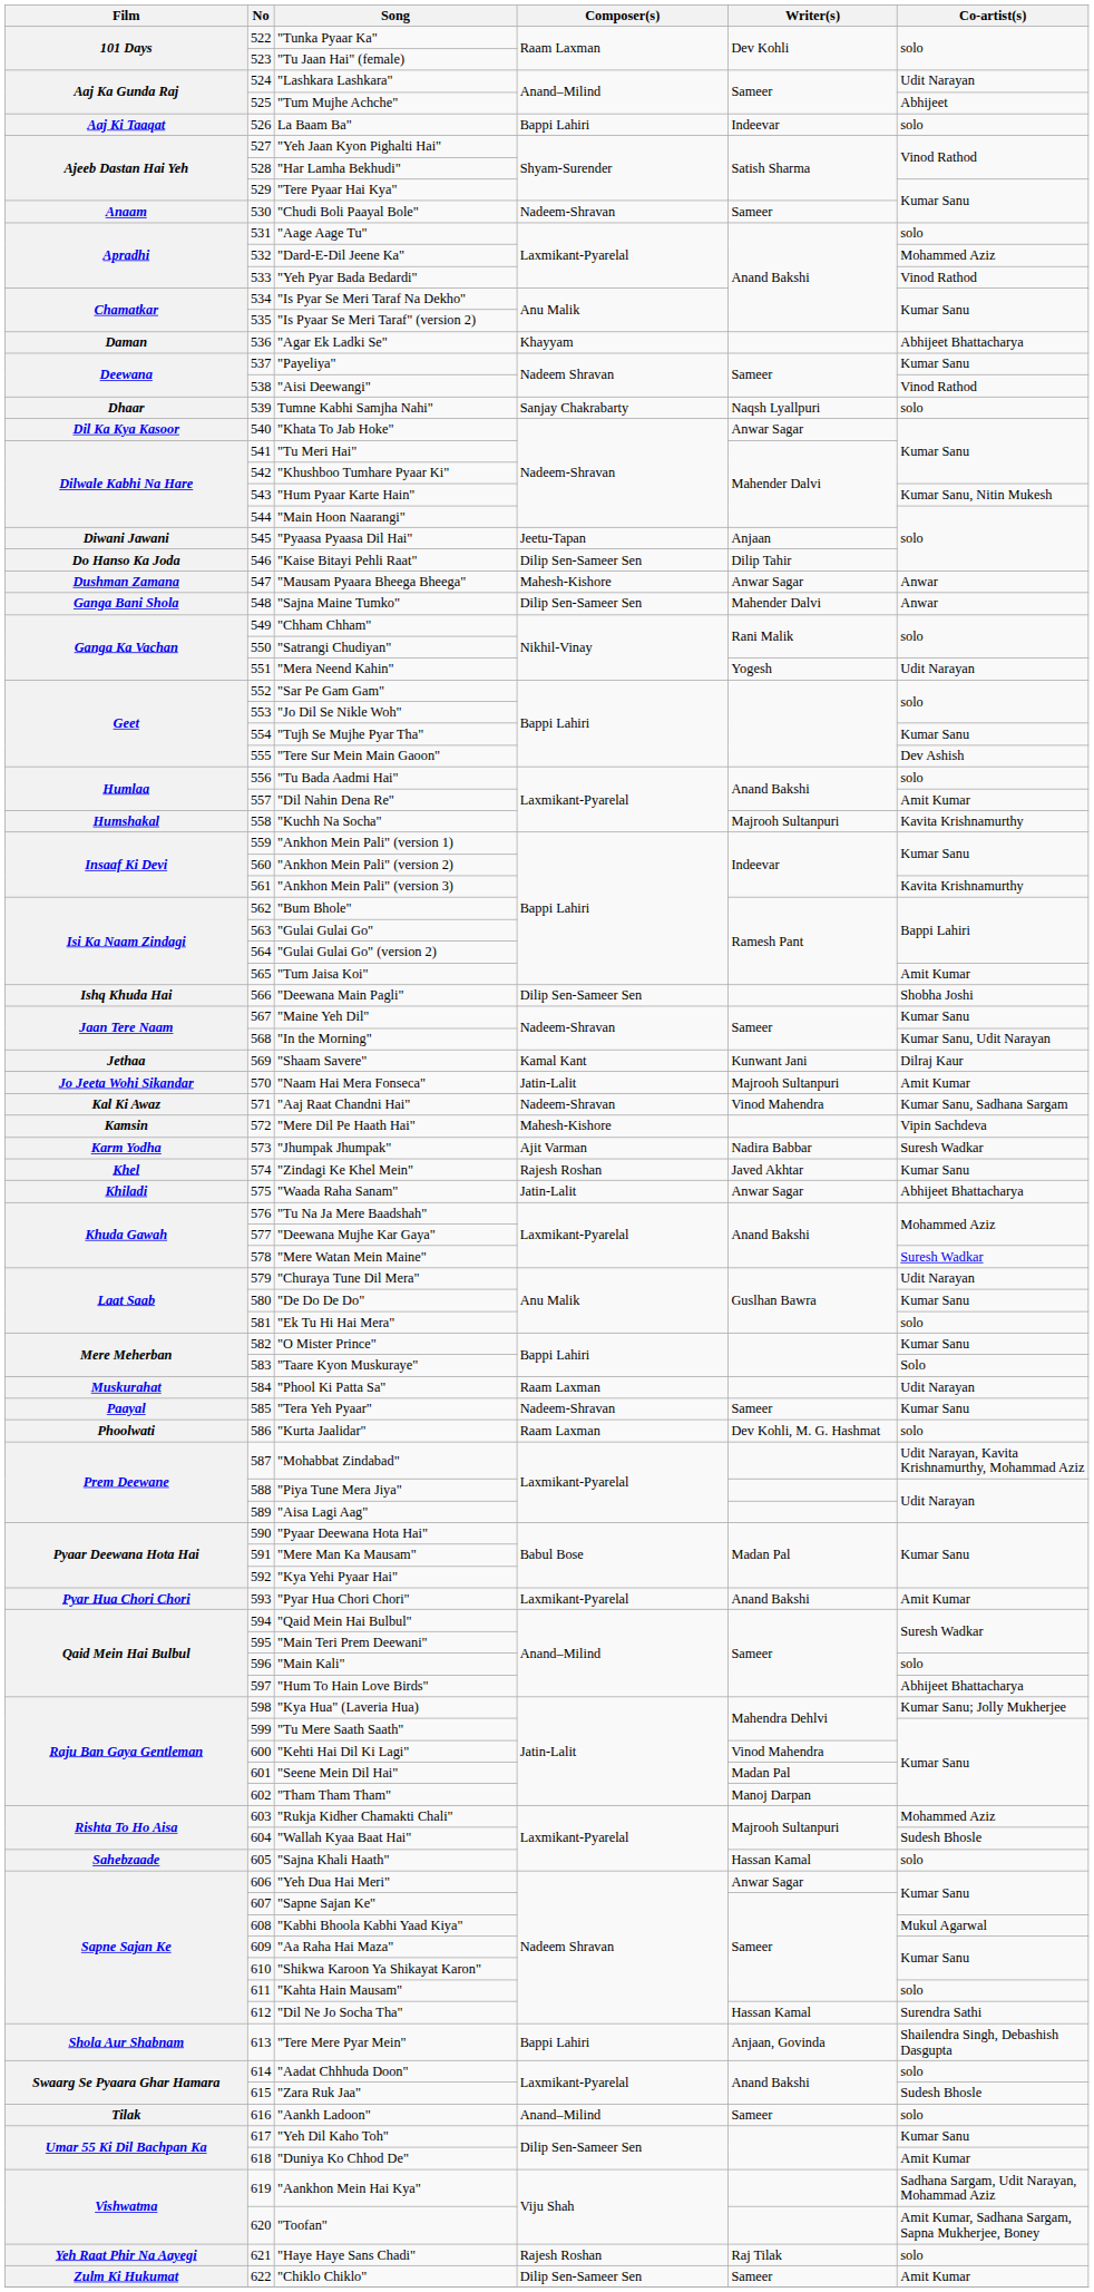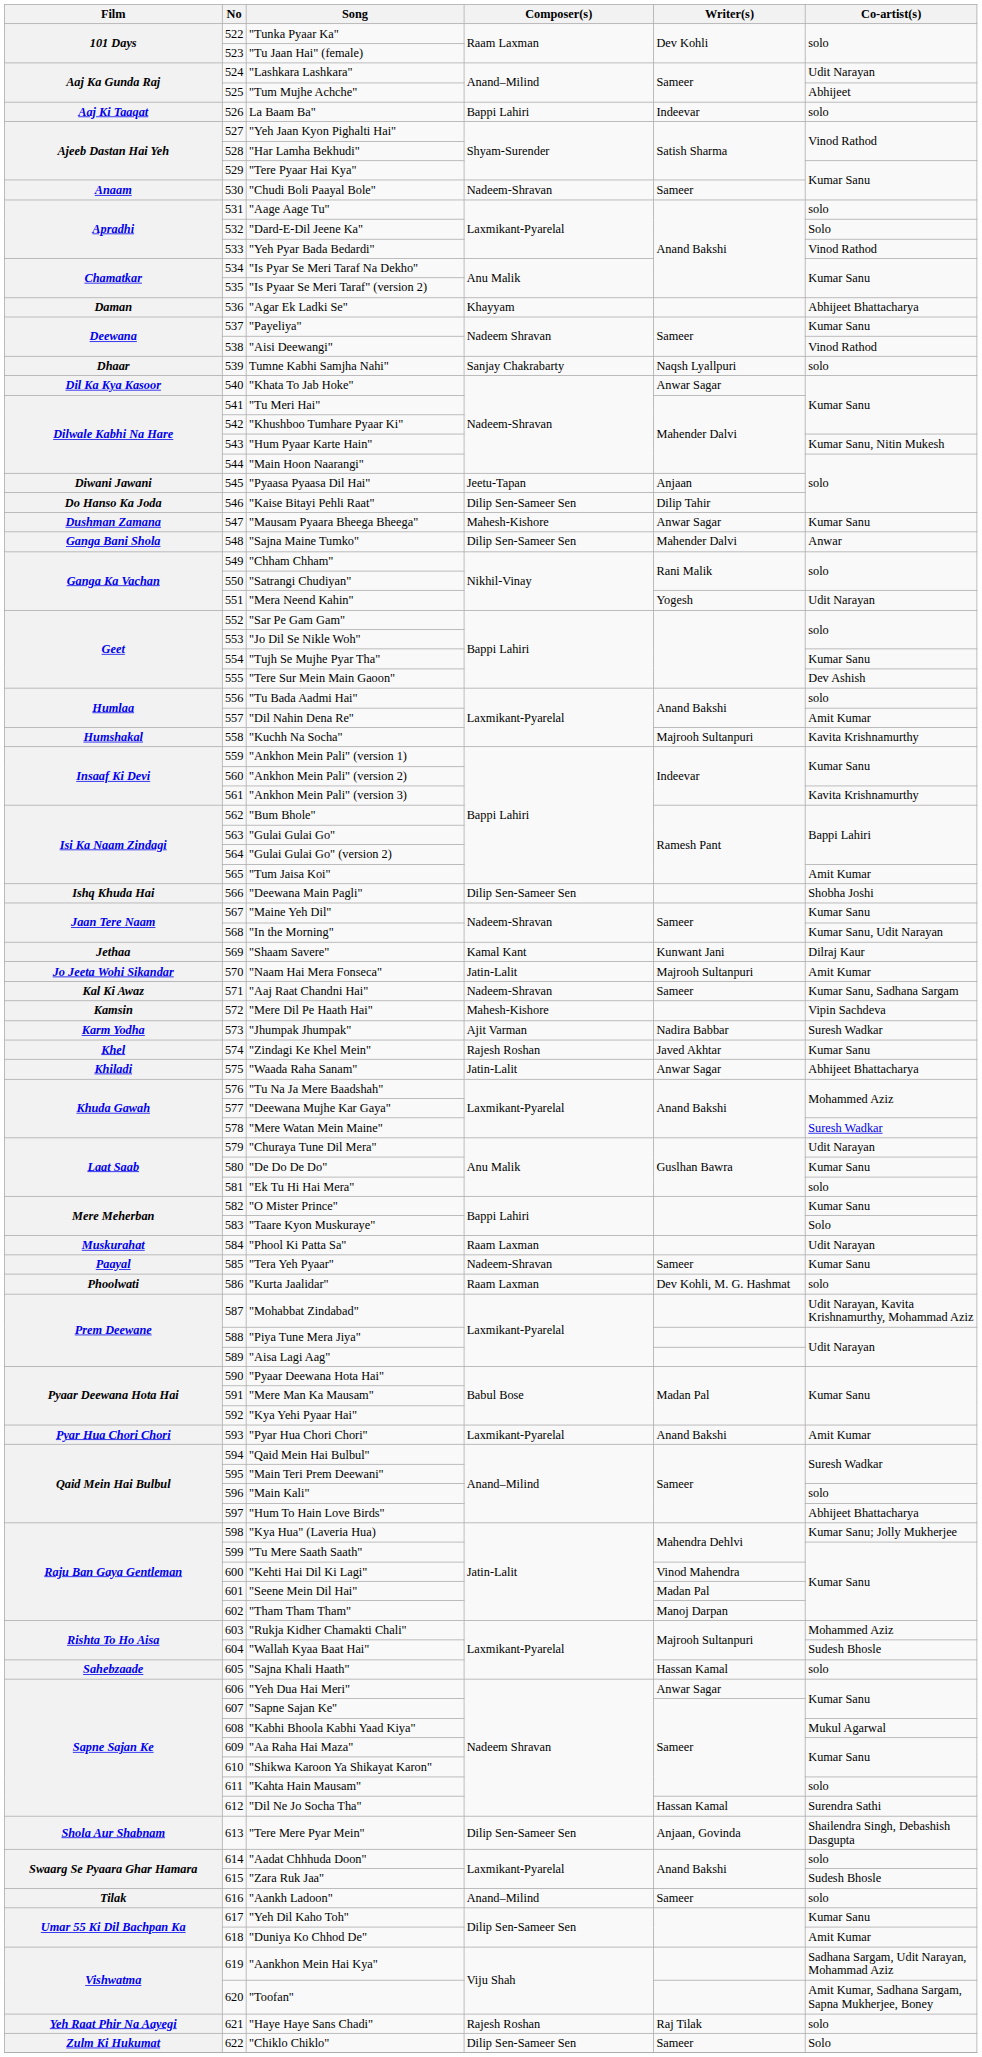 <table class="wikitable plainrowheaders" width="100%" textcolor:#000;">
 <tr style="background:#b0e0e66;">
 <th scope="col" width=23%><strong>Film</strong></th>
 <th><strong>No</strong></th>
 <th scope="col" width=23%><strong>Song</strong></th>
 <th scope="col" width=20%><strong>Composer(s)</strong></th>
 <th scope="col" width=16%><strong>Writer(s)</strong></th>
 <th scope="col" width=18%><strong>Co-artist(s)</strong></th>
 </tr>
 <tr>
 <th rowspan=2><em>101 Days</em></th>
 <td>522</td>
 <td>"Tunka Pyaar Ka"</td>
 <td rowspan=2>Raam Laxman</td>
 <td rowspan=2>Dev Kohli</td>
 <td rowspan=2>solo</td>
 </tr>
 <tr>
 <td>523</td>
 <td>"Tu Jaan Hai" (female)</td>
 </tr>
 <tr>
 <th rowspan="2"><em>Aaj Ka Gunda Raj</em></th>
 <td>524</td>
 <td>"Lashkara Lashkara"</td>
 <td rowspan="2">Anand–Milind</td>
 <td rowspan="2">Sameer</td>
 <td>Udit Narayan</td>
 </tr>
 <tr>
 <td>525</td>
 <td>"Tum Mujhe Achche"</td>
 <td>Abhijeet</td>
 </tr>
 <tr>
 <th><em><a href='#'>Aaj Ki Taaqat</a></em></th>
 <td>526</td>
 <td>La Baam Ba"</td>
 <td>Bappi Lahiri</td>
 <td>Indeevar</td>
 <td>solo</td>
 </tr>
 <tr>
 <th rowspan=3><em>Ajeeb Dastan Hai Yeh</em></th>
 <td>527</td>
 <td>"Yeh Jaan Kyon Pighalti Hai"</td>
 <td rowspan=3>Shyam-Surender</td>
 <td rowspan=3>Satish Sharma</td>
 <td rowspan=2>Vinod Rathod</td>
 </tr>
 <tr>
 <td>528</td>
 <td>"Har Lamha Bekhudi"</td>
 </tr>
 <tr>
 <td>529</td>
 <td>"Tere Pyaar Hai Kya"</td>
 <td rowspan=2>Kumar Sanu</td>
 </tr>
 <tr>
 <th><em><a href='#'>Anaam</a></em></th>
 <td>530</td>
 <td>"Chudi Boli Paayal Bole"</td>
 <td>Nadeem-Shravan</td>
 <td>Sameer</td>
 </tr>
 <tr>
 <th rowspan="3"><em><a href='#'>Apradhi</a></em></th>
 <td>531</td>
 <td>"Aage Aage Tu"</td>
 <td rowspan=3>Laxmikant-Pyarelal</td>
 <td rowspan=5>Anand Bakshi</td>
 <td>solo</td>
 </tr>
 <tr>
 <td>532</td>
 <td>"Dard-E-Dil Jeene Ka"</td>
-<td>Mohammed Aziz</td>
+<td>Solo</td>
 </tr>
 <tr>
 <td>533</td>
 <td>"Yeh Pyar Bada Bedardi"</td>
 <td>Vinod Rathod</td>
 </tr>
 <tr>
 <th rowspan=2><em><a href='#'>Chamatkar</a></em></th>
 <td>534</td>
 <td>"Is Pyar Se Meri Taraf Na Dekho"</td>
 <td rowspan=2>Anu Malik</td>
 <td rowspan=2>Kumar Sanu</td>
 </tr>
 <tr>
 <td>535</td>
 <td>"Is Pyaar Se Meri Taraf" (version 2)</td>
 </tr>
 <tr>
 <th><em>Daman</em></th>
 <td>536</td>
 <td>"Agar Ek Ladki Se"</td>
 <td>Khayyam</td>
 <td></td>
 <td>Abhijeet Bhattacharya</td>
 </tr>
 <tr>
 <th rowspan="2"><em><a href='#'>Deewana</a></em></th>
 <td>537</td>
 <td>"Payeliya"</td>
 <td rowspan=2>Nadeem Shravan</td>
 <td rowspan=2>Sameer</td>
 <td>Kumar Sanu</td>
 </tr>
 <tr>
 <td>538</td>
 <td>"Aisi Deewangi"</td>
 <td>Vinod Rathod</td>
 </tr>
 <tr>
 <th><em>Dhaar</em></th>
 <td>539</td>
 <td>Tumne Kabhi Samjha Nahi"</td>
 <td>Sanjay Chakrabarty</td>
 <td>Naqsh Lyallpuri</td>
 <td>solo</td>
 </tr>
 <tr>
 <th><em><a href='#'>Dil Ka Kya Kasoor</a></em></th>
 <td>540</td>
 <td>"Khata To Jab Hoke"</td>
 <td rowspan=5>Nadeem-Shravan</td>
 <td>Anwar Sagar</td>
 <td rowspan=3>Kumar Sanu</td>
 </tr>
 <tr>
 <th rowspan=4><em><a href='#'>Dilwale Kabhi Na Hare</a></em></th>
 <td>541</td>
 <td>"Tu Meri Hai"</td>
 <td rowspan=4>Mahender Dalvi</td>
 </tr>
 <tr>
 <td>542</td>
 <td>"Khushboo Tumhare Pyaar Ki"</td>
 </tr>
 <tr>
 <td>543</td>
 <td>"Hum Pyaar Karte Hain"</td>
 <td>Kumar Sanu, Nitin Mukesh</td>
 </tr>
 <tr>
 <td>544</td>
 <td>"Main Hoon Naarangi"</td>
 <td rowspan=3>solo</td>
 </tr>
 <tr>
 <th><em>Diwani Jawani</em></th>
 <td>545</td>
 <td>"Pyaasa Pyaasa Dil Hai"</td>
 <td>Jeetu-Tapan</td>
 <td>Anjaan</td>
 </tr>
 <tr>
 <th><em>Do Hanso Ka Joda</em></th>
 <td>546</td>
 <td>"Kaise Bitayi Pehli Raat"</td>
 <td>Dilip Sen-Sameer Sen</td>
 <td>Dilip Tahir</td>
 </tr>
 <tr>
 <th><em><a href='#'>Dushman Zamana</a></em></th>
 <td>547</td>
 <td>"Mausam Pyaara Bheega Bheega"</td>
 <td>Mahesh-Kishore</td>
 <td>Anwar Sagar</td>
-<td>Anwar</td>
+<td>Kumar Sanu</td>
 </tr>
 <tr>
 <th><em><a href='#'>Ganga Bani Shola</a></em></th>
 <td>548</td>
 <td>"Sajna Maine Tumko"</td>
 <td>Dilip Sen-Sameer Sen</td>
 <td>Mahender Dalvi</td>
 <td>Anwar</td>
 </tr>
 <tr>
 <th rowspan="3"><em><a href='#'>Ganga Ka Vachan</a></em></th>
 <td>549</td>
 <td>"Chham Chham"</td>
 <td rowspan=3>Nikhil-Vinay</td>
 <td rowspan=2>Rani Malik</td>
 <td rowspan=2>solo</td>
 </tr>
 <tr>
 <td>550</td>
 <td>"Satrangi Chudiyan"</td>
 </tr>
 <tr>
 <td>551</td>
 <td>"Mera Neend Kahin"</td>
 <td>Yogesh</td>
 <td>Udit Narayan</td>
 </tr>
 <tr>
 <th rowspan="4"><em><a href='#'>Geet</a></em></th>
 <td>552</td>
 <td>"Sar Pe Gam Gam"</td>
 <td rowspan="4">Bappi Lahiri</td>
 <td rowspan="4"></td>
 <td rowspan="2">solo</td>
 </tr>
 <tr>
 <td>553</td>
 <td>"Jo Dil Se Nikle Woh"</td>
 </tr>
 <tr>
 <td>554</td>
 <td>"Tujh Se Mujhe Pyar Tha"</td>
 <td>Kumar Sanu</td>
 </tr>
 <tr>
 <td>555</td>
 <td>"Tere Sur Mein Main Gaoon"</td>
 <td>Dev Ashish</td>
 </tr>
 <tr>
 <th rowspan="2"><em><a href='#'>Humlaa</a></em></th>
 <td>556</td>
 <td>"Tu Bada Aadmi Hai"</td>
 <td rowspan="3">Laxmikant-Pyarelal</td>
 <td rowspan="2">Anand Bakshi</td>
 <td>solo</td>
 </tr>
 <tr>
 <td>557</td>
 <td>"Dil Nahin Dena Re"</td>
 <td>Amit Kumar</td>
 </tr>
 <tr>
 <th><em><a href='#'>Humshakal</a></em></th>
 <td>558</td>
 <td>"Kuchh Na Socha"</td>
 <td>Majrooh Sultanpuri</td>
 <td>Kavita Krishnamurthy</td>
 </tr>
 <tr>
 <th rowspan="3"><em><a href='#'>Insaaf Ki Devi</a></em></th>
 <td>559</td>
 <td>"Ankhon Mein Pali" (version 1)</td>
 <td rowspan=7>Bappi Lahiri</td>
 <td rowspan=3>Indeevar</td>
 <td rowspan=2>Kumar Sanu</td>
 </tr>
 <tr>
 <td>560</td>
 <td>"Ankhon Mein Pali" (version 2)</td>
 </tr>
 <tr>
 <td>561</td>
 <td>"Ankhon Mein Pali" (version 3)</td>
 <td>Kavita Krishnamurthy</td>
 </tr>
 <tr>
 <th rowspan=4><em><a href='#'>Isi Ka Naam Zindagi</a></em></th>
 <td>562</td>
 <td>"Bum Bhole"</td>
 <td rowspan=4>Ramesh Pant</td>
 <td rowspan=3>Bappi Lahiri</td>
 </tr>
 <tr>
 <td>563</td>
 <td>"Gulai Gulai Go"</td>
 </tr>
 <tr>
 <td>564</td>
 <td>"Gulai Gulai Go" (version 2)</td>
 </tr>
 <tr>
 <td>565</td>
 <td>"Tum Jaisa Koi"</td>
 <td>Amit Kumar</td>
 </tr>
 <tr>
 <th><em>Ishq Khuda Hai</em></th>
 <td>566</td>
 <td>"Deewana Main Pagli"</td>
 <td>Dilip Sen-Sameer Sen</td>
 <td></td>
 <td>Shobha Joshi</td>
 </tr>
 <tr>
 <th rowspan="2"><em><a href='#'>Jaan Tere Naam</a></em></th>
 <td>567</td>
 <td>"Maine Yeh Dil"</td>
 <td rowspan=2>Nadeem-Shravan</td>
 <td rowspan=2>Sameer</td>
 <td>Kumar Sanu</td>
 </tr>
 <tr>
 <td>568</td>
 <td>"In the Morning"</td>
 <td>Kumar Sanu, Udit Narayan</td>
 </tr>
 <tr>
 <th><em>Jethaa</em></th>
 <td>569</td>
 <td>"Shaam Savere"</td>
 <td>Kamal Kant</td>
 <td>Kunwant Jani</td>
 <td>Dilraj Kaur</td>
 </tr>
 <tr>
 <th><em><a href='#'>Jo Jeeta Wohi Sikandar</a></em></th>
 <td>570</td>
 <td>"Naam Hai Mera Fonseca"</td>
 <td>Jatin-Lalit</td>
 <td>Majrooh Sultanpuri</td>
 <td>Amit Kumar</td>
 </tr>
 <tr>
 <th><em>Kal Ki Awaz</em></th>
 <td>571</td>
 <td>"Aaj Raat Chandni Hai"</td>
 <td>Nadeem-Shravan</td>
-<td>Vinod Mahendra</td>
+<td>Sameer</td>
 <td>Kumar Sanu, Sadhana Sargam</td>
 </tr>
 <tr>
 <th><em>Kamsin</em></th>
 <td>572</td>
 <td>"Mere Dil Pe Haath Hai"</td>
 <td>Mahesh-Kishore</td>
 <td></td>
 <td>Vipin Sachdeva</td>
 </tr>
 <tr>
 <th><em><a href='#'>Karm Yodha</a></em></th>
 <td>573</td>
 <td>"Jhumpak Jhumpak"</td>
 <td>Ajit Varman</td>
 <td>Nadira Babbar</td>
 <td>Suresh Wadkar</td>
 </tr>
 <tr>
 <th><em><a href='#'>Khel</a></em></th>
 <td>574</td>
 <td>"Zindagi Ke Khel Mein"</td>
 <td>Rajesh Roshan</td>
 <td>Javed Akhtar</td>
 <td>Kumar Sanu</td>
 </tr>
 <tr>
 <th><em><a href='#'>Khiladi</a></em></th>
 <td>575</td>
 <td>"Waada Raha Sanam"</td>
 <td>Jatin-Lalit</td>
 <td>Anwar Sagar</td>
 <td>Abhijeet Bhattacharya</td>
 </tr>
 <tr>
 <th rowspan="3"><em><a href='#'>Khuda Gawah</a></em></th>
 <td>576</td>
 <td>"Tu Na Ja Mere Baadshah"</td>
 <td rowspan="3">Laxmikant-Pyarelal</td>
 <td rowspan="3">Anand Bakshi</td>
 <td rowspan="2">Mohammed Aziz</td>
 </tr>
 <tr>
 <td>577</td>
 <td>"Deewana Mujhe Kar Gaya"</td>
 </tr>
 <tr>
 <td>578</td>
 <td>"Mere Watan Mein Maine"</td>
 <td><a href='#'>Suresh Wadkar</a></td>
 </tr>
 <tr>
 <th rowspan="3"><em><a href='#'>Laat Saab</a></em></th>
 <td>579</td>
 <td>"Churaya Tune Dil Mera"</td>
 <td rowspan="3">Anu Malik</td>
 <td rowspan="3">Guslhan Bawra</td>
 <td>Udit Narayan</td>
 </tr>
 <tr>
 <td>580</td>
 <td>"De Do De Do"</td>
 <td>Kumar Sanu</td>
 </tr>
 <tr>
 <td>581</td>
 <td>"Ek Tu Hi Hai Mera"</td>
 <td>solo</td>
 </tr>
 <tr>
 <th rowspan="2"><em>Mere Meherban</em></th>
 <td>582</td>
 <td>"O Mister Prince"</td>
 <td rowspan="2">Bappi Lahiri</td>
 <td rowspan="2"></td>
 <td>Kumar Sanu</td>
 </tr>
 <tr>
 <td>583</td>
 <td>"Taare Kyon Muskuraye"</td>
 <td>Solo</td>
 </tr>
 <tr>
 <th><em><a href='#'>Muskurahat</a></em></th>
 <td>584</td>
 <td>"Phool Ki Patta Sa"</td>
 <td>Raam Laxman</td>
 <td></td>
 <td>Udit Narayan</td>
 </tr>
 <tr>
 <th><em><a href='#'>Paayal</a></em></th>
 <td>585</td>
 <td>"Tera Yeh Pyaar"</td>
 <td>Nadeem-Shravan</td>
 <td>Sameer</td>
 <td>Kumar Sanu</td>
 </tr>
 <tr>
 <th><em>Phoolwati</em></th>
 <td>586</td>
 <td>"Kurta Jaalidar"</td>
 <td>Raam Laxman</td>
 <td>Dev Kohli, M. G. Hashmat</td>
 <td>solo</td>
 </tr>
 <tr>
 <th rowspan="3"><em><a href='#'>Prem Deewane</a></em></th>
 <td>587</td>
 <td>"Mohabbat Zindabad"</td>
 <td rowspan="3">Laxmikant-Pyarelal</td>
 <td></td>
 <td>Udit Narayan, Kavita Krishnamurthy, Mohammad Aziz</td>
 </tr>
 <tr>
 <td>588</td>
 <td>"Piya Tune Mera Jiya"</td>
 <td></td>
 <td rowspan="2">Udit Narayan</td>
 </tr>
 <tr>
 <td>589</td>
 <td>"Aisa Lagi Aag"</td>
 </tr>
 <tr>
 <th rowspan="3"><em>Pyaar Deewana Hota Hai</em></th>
 <td>590</td>
 <td>"Pyaar Deewana Hota Hai"</td>
 <td rowspan=3>Babul Bose</td>
 <td rowspan=3>Madan Pal</td>
 <td rowspan=3>Kumar Sanu</td>
 </tr>
 <tr>
 <td>591</td>
 <td>"Mere Man Ka Mausam"</td>
 </tr>
 <tr>
 <td>592</td>
 <td>"Kya Yehi Pyaar Hai"</td>
 </tr>
 <tr>
 <th><em><a href='#'>Pyar Hua Chori Chori</a></em></th>
 <td>593</td>
 <td>"Pyar Hua Chori Chori"</td>
 <td>Laxmikant-Pyarelal</td>
 <td>Anand Bakshi</td>
 <td>Amit Kumar</td>
 </tr>
 <tr>
 <th rowspan="4"><em>Qaid Mein Hai Bulbul</em></th>
 <td>594</td>
 <td>"Qaid Mein Hai Bulbul"</td>
 <td rowspan=4>Anand–Milind</td>
 <td rowspan=4>Sameer</td>
 <td rowspan=2>Suresh Wadkar</td>
 </tr>
 <tr>
 <td>595</td>
 <td>"Main Teri Prem Deewani"</td>
 </tr>
 <tr>
 <td>596</td>
 <td>"Main Kali"</td>
 <td>solo</td>
 </tr>
 <tr>
 <td>597</td>
 <td>"Hum To Hain Love Birds"</td>
 <td>Abhijeet Bhattacharya</td>
 </tr>
 <tr>
 <th rowspan=5><em><a href='#'>Raju Ban Gaya Gentleman</a></em></th>
 <td>598</td>
 <td>"Kya Hua" (Laveria Hua)</td>
 <td rowspan=5>Jatin-Lalit</td>
 <td rowspan=2>Mahendra Dehlvi</td>
 <td>Kumar Sanu; Jolly Mukherjee</td>
 </tr>
 <tr>
 <td>599</td>
 <td>"Tu Mere Saath Saath"</td>
 <td rowspan=4>Kumar Sanu</td>
 </tr>
 <tr>
 <td>600</td>
 <td>"Kehti Hai Dil Ki Lagi"</td>
 <td>Vinod Mahendra</td>
 </tr>
 <tr>
 <td>601</td>
 <td>"Seene Mein Dil Hai"</td>
 <td>Madan Pal</td>
 </tr>
 <tr>
 <td>602</td>
 <td>"Tham Tham Tham"</td>
 <td>Manoj Darpan</td>
 </tr>
 <tr>
 <th rowspan=2><em><a href='#'>Rishta To Ho Aisa</a></em></th>
 <td>603</td>
 <td>"Rukja Kidher Chamakti Chali"</td>
 <td rowspan=3>Laxmikant-Pyarelal</td>
 <td rowspan=2>Majrooh Sultanpuri</td>
 <td>Mohammed Aziz</td>
 </tr>
 <tr>
 <td>604</td>
 <td>"Wallah Kyaa Baat Hai"</td>
 <td>Sudesh Bhosle</td>
 </tr>
 <tr>
 <th><em><a href='#'>Sahebzaade</a></em></th>
 <td>605</td>
 <td>"Sajna Khali Haath"</td>
 <td>Hassan Kamal</td>
 <td>solo</td>
 </tr>
 <tr>
 <th rowspan="7"><em><a href='#'>Sapne Sajan Ke</a></em></th>
 <td>606</td>
 <td>"Yeh Dua Hai Meri"</td>
 <td rowspan="7">Nadeem Shravan</td>
 <td>Anwar Sagar</td>
 <td rowspan="2">Kumar Sanu</td>
 </tr>
 <tr>
 <td>607</td>
 <td>"Sapne Sajan Ke"</td>
 <td rowspan="5">Sameer</td>
 </tr>
 <tr>
 <td>608</td>
 <td>"Kabhi Bhoola Kabhi Yaad Kiya"</td>
 <td>Mukul Agarwal</td>
 </tr>
 <tr>
 <td>609</td>
 <td>"Aa Raha Hai Maza"</td>
 <td rowspan="2">Kumar Sanu</td>
 </tr>
 <tr>
 <td>610</td>
 <td>"Shikwa Karoon Ya Shikayat Karon"</td>
 </tr>
 <tr>
 <td>611</td>
 <td>"Kahta Hain Mausam"</td>
 <td>solo</td>
 </tr>
 <tr>
 <td>612</td>
 <td>"Dil Ne Jo Socha Tha"</td>
 <td>Hassan Kamal</td>
 <td>Surendra Sathi</td>
 </tr>
 <tr>
 <th><em><a href='#'>Shola Aur Shabnam</a></em></th>
 <td>613</td>
 <td>"Tere Mere Pyar Mein"</td>
-<td>Bappi Lahiri</td>
+<td>Dilip Sen-Sameer Sen</td>
 <td>Anjaan, Govinda</td>
 <td>Shailendra Singh, Debashish Dasgupta</td>
 </tr>
 <tr>
 <th rowspan=2><em>Swaarg Se Pyaara Ghar Hamara</em></th>
 <td>614</td>
 <td>"Aadat Chhhuda Doon"</td>
 <td rowspan=2>Laxmikant-Pyarelal</td>
 <td rowspan=2>Anand Bakshi</td>
 <td>solo</td>
 </tr>
 <tr>
 <td>615</td>
 <td>"Zara Ruk Jaa"</td>
 <td>Sudesh Bhosle</td>
 </tr>
 <tr>
 <th><em>Tilak</em></th>
 <td>616</td>
 <td>"Aankh Ladoon"</td>
 <td>Anand–Milind</td>
 <td>Sameer</td>
 <td>solo</td>
 </tr>
 <tr>
 <th rowspan="2"><em><a href='#'>Umar 55 Ki Dil Bachpan Ka</a></em></th>
 <td>617</td>
 <td>"Yeh Dil Kaho Toh"</td>
 <td rowspan="2">Dilip Sen-Sameer Sen</td>
 <td rowspan="2"></td>
 <td>Kumar Sanu</td>
 </tr>
 <tr>
 <td>618</td>
 <td>"Duniya Ko Chhod De"</td>
 <td>Amit Kumar</td>
 </tr>
 <tr>
 <th rowspan="2"><em><a href='#'>Vishwatma</a></em></th>
 <td>619</td>
 <td>"Aankhon Mein Hai Kya"</td>
 <td rowspan="2">Viju Shah</td>
 <td></td>
 <td>Sadhana Sargam, Udit Narayan, Mohammad Aziz</td>
 </tr>
 <tr>
 <td>620</td>
 <td>"Toofan"</td>
 <td></td>
 <td>Amit Kumar, Sadhana Sargam, Sapna Mukherjee, Boney</td>
 </tr>
 <tr>
 <th><em><a href='#'>Yeh Raat Phir Na Aayegi</a></em></th>
 <td>621</td>
 <td>"Haye Haye Sans Chadi"</td>
 <td>Rajesh Roshan</td>
 <td>Raj Tilak</td>
 <td>solo</td>
 </tr>
 <tr>
 <th><em><a href='#'>Zulm Ki Hukumat</a></em></th>
 <td>622</td>
 <td>"Chiklo Chiklo"</td>
 <td>Dilip Sen-Sameer Sen</td>
 <td>Sameer</td>
-<td>Amit Kumar</td>
+<td>Solo</td>
 </tr>
 <tr>
 </tr>
 </table>
